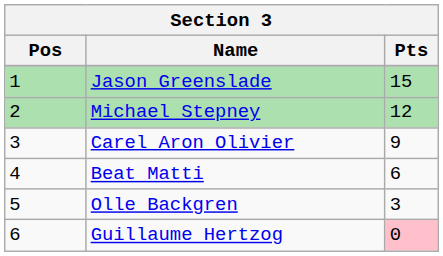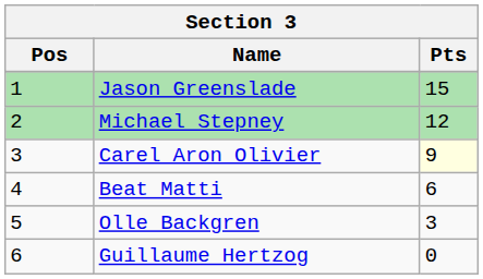 <table class="wikitable">
 <tr>
 <th colspan="6">Section 3</th>
 </tr>
 <tr>
 <th width=50>Pos</th>
 <th width=200>Name</th>
 <th width=30>Pts</th>
 </tr>
 <tr>
 </tr>
 <tr style="background:#ACE1AF;">
 <td>1</td>
 <td> <a href='#'>Jason Greenslade</a></td>
 <td>15</td>
 </tr>
 <tr style="background:#ACE1AF;">
 <td>2</td>
 <td> <a href='#'>Michael Stepney</a></td>
 <td>12</td>
 </tr>
 <tr>
 <td>3</td>
 <td>  <a href='#'>Carel Aron Olivier</a></td>
-<td>9</td>
+<td style="background: lightyellow;">9</td>
 </tr>
 <tr>
 <td>4</td>
 <td> <a href='#'>Beat Matti</a></td>
 <td>6</td>
 </tr>
 <tr>
 <td>5</td>
 <td> <a href='#'>Olle Backgren</a></td>
 <td>3</td>
 </tr>
 <tr>
 <td>6</td>
 <td> <a href='#'>Guillaume Hertzog</a></td>
-<td style="background: pink;">0</td>
+<td>0</td>
 </tr>
 </table>
